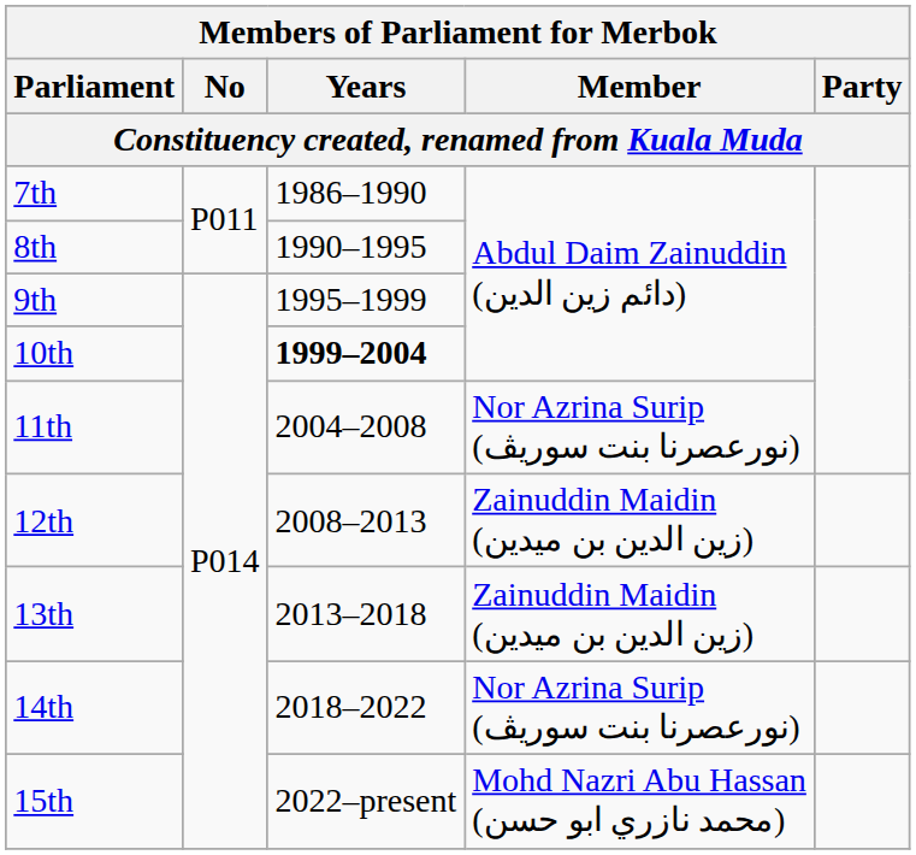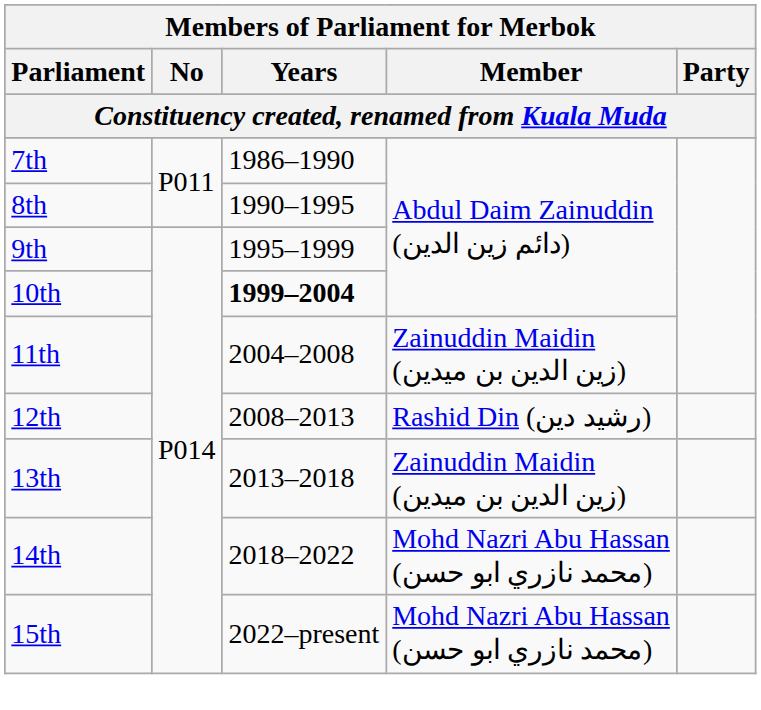 <table class=wikitable>
 <tr>
 <th colspan="5">Members of Parliament for Merbok</th>
 </tr>
 <tr>
 <th>Parliament</th>
 <th>No</th>
 <th>Years</th>
 <th>Member</th>
 <th>Party</th>
 </tr>
 <tr>
 <th colspan="5" align="center"><em>Constituency created, renamed from <a href='#'>Kuala Muda</a></em></th>
 </tr>
 <tr>
 <td><a href='#'>7th</a></td>
 <td rowspan="2">P011</td>
 <td>1986–1990</td>
 <td rowspan=4><a href='#'>Abdul Daim Zainuddin</a> <br>  (دائم زين الدين)</td>
 <td rowspan=5></td>
 </tr>
 <tr>
 <td><a href='#'>8th</a></td>
 <td>1990–1995</td>
 </tr>
 <tr>
 <td><a href='#'>9th</a></td>
 <td rowspan="7">P014</td>
 <td>1995–1999</td>
 </tr>
 <tr>
 <td><a href='#'>10th</a></td>
 <td><strong>1999–2004</strong></td>
 </tr>
 <tr>
 <td><a href='#'>11th</a></td>
 <td>2004–2008</td>
-<td><a href='#'>Nor Azrina Surip</a>  <br> (نورعصرنا بنت سوريڤ)</td>
+<td><a href='#'>Zainuddin Maidin</a> <br>  (زين الدين بن ميدين)</td>
 </tr>
 <tr>
 <td><a href='#'>12th</a></td>
 <td>2008–2013</td>
-<td><a href='#'>Zainuddin Maidin</a> <br>  (زين الدين بن ميدين)</td>
+<td><a href='#'>Rashid Din</a> (رشيد دين)</td>
 <td></td>
 </tr>
 <tr>
 <td><a href='#'>13th</a></td>
 <td>2013–2018</td>
 <td><a href='#'>Zainuddin Maidin</a> <br>  (زين الدين بن ميدين)</td>
 <td></td>
 </tr>
 <tr>
 <td><a href='#'>14th</a></td>
 <td>2018–2022</td>
-<td><a href='#'>Nor Azrina Surip</a>  <br> (نورعصرنا بنت سوريڤ)</td>
+<td><a href='#'>Mohd Nazri Abu Hassan</a>  <br> (محمد نازري ابو حسن)</td>
 <td></td>
 </tr>
 <tr>
 <td><a href='#'>15th</a></td>
 <td>2022–present</td>
 <td><a href='#'>Mohd Nazri Abu Hassan</a>  <br> (محمد نازري ابو حسن)</td>
 <td></td>
 </tr>
 </table>
